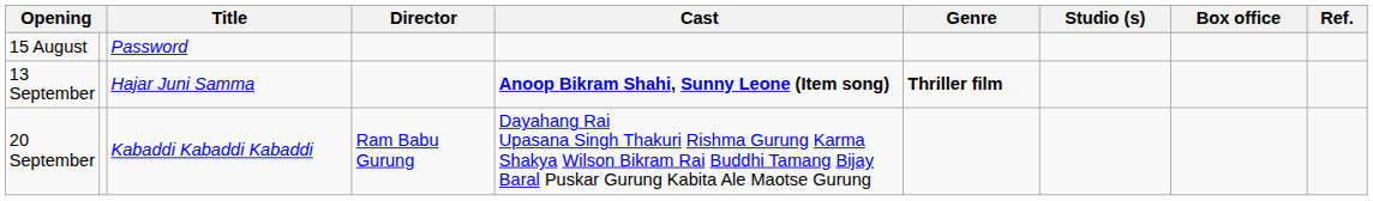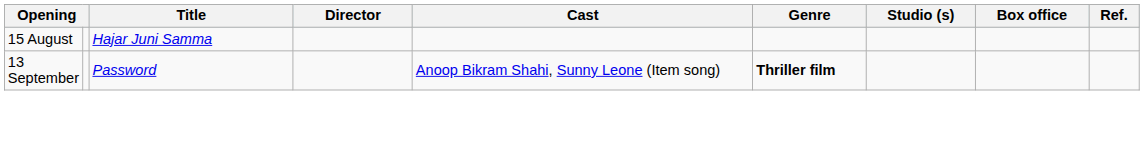 <table class="wikitable">
 <tr style="background:#b0e0e6; text-align:center;">
 <th colspan="2" style="width:6%;"><strong>Opening</strong></th>
 <th style="width:18%;"><strong>Title</strong></th>
 <th style="width:10.5%;"><strong>Director</strong></th>
 <th style="width:30%;"><strong>Cast</strong></th>
 <th style="width:10%;"><strong>Genre</strong></th>
 <th>Studio (s)</th>
 <th>Box office</th>
 <th>Ref.</th>
 </tr>
 <tr>
 <td>15 August</td>
 <td style="text-align:center;"></td>
-<td><em><a href='#'>Password</a></em></td>
+<td><em><a href='#'>Hajar Juni Samma</a></em></td>
 <td></td>
 <td></td>
 <td></td>
 <td></td>
 <td></td>
 <td></td>
 </tr>
 <tr>
 <td>13 September</td>
 <td style="text-align:center;"></td>
-<td><em><a href='#'>Hajar Juni Samma</a></em></td>
+<td><em><a href='#'>Password</a></em></td>
 <td></td>
-<td><strong><a href='#'>Anoop Bikram Shahi</a>, <a href='#'>Sunny Leone</a> (Item song)</strong></td>
+<td><a href='#'>Anoop Bikram Shahi</a>, <a href='#'>Sunny Leone</a> (Item song)</td>
 <td><strong>Thriller film</strong></td>
 <td></td>
 <td></td>
 <td></td>
 </tr>
-<tr>
-<td>20 September</td>
-<td style="text-align:center;"></td>
-<td><em><a href='#'>Kabaddi Kabaddi Kabaddi</a></em></td>
-<td><a href='#'>Ram Babu Gurung</a></td>
-<td><a href='#'>Dayahang Rai</a><br><a href='#'>Upasana Singh Thakuri</a> <a href='#'>Rishma Gurung</a> <a href='#'>Karma Shakya</a> <a href='#'>Wilson Bikram Rai</a> <a href='#'>Buddhi Tamang</a> <a href='#'>Bijay Baral</a> Puskar Gurung Kabita Ale Maotse Gurung</td>
-<td></td>
-<td></td>
-<td></td>
-<td></td>
-</tr>
 </table>
